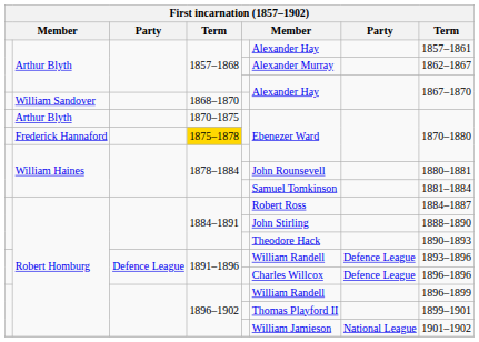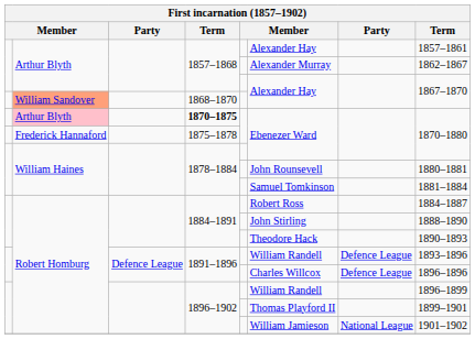 <table class="wikitable">
 <tr>
 <th colspan = 8>First incarnation (1857–1902)</th>
 </tr>
 <tr>
 <th colspan=2>Member</th>
 <th>Party</th>
 <th>Term</th>
 <th colspan=2>Member</th>
 <th>Party</th>
 <th>Term</th>
 </tr>
 <tr>
 <td rowspan=3 > </td>
 <td rowspan=3><a href='#'>Arthur Blyth</a></td>
 <td rowspan=3></td>
 <td rowspan=3>1857–1868</td>
 <td> </td>
 <td><a href='#'>Alexander Hay</a></td>
 <td></td>
 <td>1857–1861</td>
 </tr>
 <tr>
 <td> </td>
 <td><a href='#'>Alexander Murray</a></td>
 <td></td>
 <td>1862–1867</td>
 </tr>
 <tr>
 <td> </td>
 <td rowspan=2><a href='#'>Alexander Hay</a></td>
 <td rowspan=2></td>
 <td rowspan=2>1867–1870</td>
 </tr>
 <tr>
 <td> </td>
-<td><a href='#'>William Sandover</a></td>
+<td style="background: lightsalmon;"><a href='#'>William Sandover</a></td>
 <td></td>
 <td>1868–1870</td>
 <td> </td>
 </tr>
 <tr>
 <td> </td>
-<td><a href='#'>Arthur Blyth</a></td>
+<td style="background: pink;"><a href='#'>Arthur Blyth</a></td>
 <td></td>
-<td>1870–1875</td>
+<td><strong>1870–1875</strong></td>
 <td rowspan=2 > </td>
 <td rowspan=3><a href='#'>Ebenezer Ward</a></td>
 <td rowspan=3></td>
 <td rowspan=3>1870–1880</td>
 </tr>
 <tr>
 <td> </td>
 <td><a href='#'>Frederick Hannaford</a></td>
 <td></td>
-<td style="background: gold;">1875–1878</td>
+<td>1875–1878</td>
 </tr>
 <tr>
 <td rowspan=3 > </td>
 <td rowspan=3><a href='#'>William Haines</a></td>
 <td rowspan=3></td>
 <td rowspan=3>1878–1884</td>
 <td> </td>
 </tr>
 <tr>
 <td> </td>
 <td><a href='#'>John Rounsevell</a></td>
 <td></td>
 <td>1880–1881</td>
 </tr>
 <tr>
 <td> </td>
 <td><a href='#'>Samuel Tomkinson</a></td>
 <td></td>
 <td>1881–1884</td>
 </tr>
 <tr>
 <td rowspan=3 > </td>
 <td rowspan=8><a href='#'>Robert Homburg</a></td>
 <td rowspan=3></td>
 <td rowspan=3>1884–1891</td>
 <td> </td>
 <td><a href='#'>Robert Ross</a></td>
 <td></td>
 <td>1884–1887</td>
 </tr>
 <tr>
 <td> </td>
 <td><a href='#'>John Stirling</a></td>
 <td></td>
 <td>1888–1890</td>
 </tr>
 <tr>
 <td> </td>
 <td><a href='#'>Theodore Hack</a></td>
 <td></td>
 <td>1890–1893</td>
 </tr>
 <tr>
 <td rowspan=2 > </td>
 <td rowspan=2><a href='#'>Defence League</a></td>
 <td rowspan=2>1891–1896</td>
 <td> </td>
 <td><a href='#'>William Randell</a></td>
 <td><a href='#'>Defence League</a></td>
 <td>1893–1896</td>
 </tr>
 <tr>
 <td> </td>
 <td><a href='#'>Charles Willcox</a></td>
 <td><a href='#'>Defence League</a></td>
 <td>1896–1896</td>
 </tr>
 <tr>
 <td rowspan=3 > </td>
 <td rowspan=3></td>
 <td rowspan=3>1896–1902</td>
 <td> </td>
 <td><a href='#'>William Randell</a></td>
 <td></td>
 <td>1896–1899</td>
 </tr>
 <tr>
 <td> </td>
 <td><a href='#'>Thomas Playford II</a></td>
 <td></td>
 <td>1899–1901</td>
 </tr>
 <tr>
 <td> </td>
 <td><a href='#'>William Jamieson</a></td>
 <td><a href='#'>National League</a></td>
 <td>1901–1902</td>
 </tr>
 <tr>
 </tr>
 </table>
